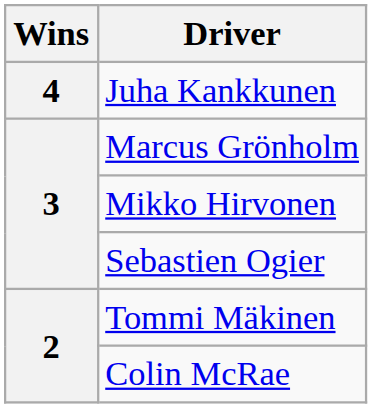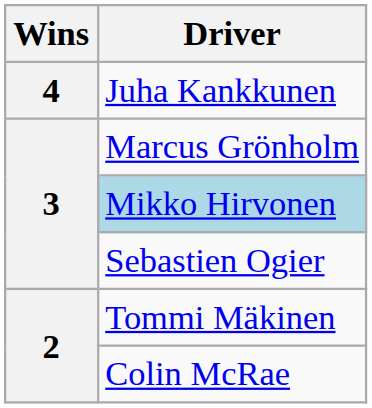 <table class="wikitable" style="font-size: 95%;">
 <tr>
 <th>Wins</th>
 <th>Driver</th>
 </tr>
 <tr>
 <th>4</th>
 <td> <a href='#'>Juha Kankkunen</a></td>
 </tr>
 <tr>
 <th rowspan="3">3</th>
 <td> <a href='#'>Marcus Grönholm</a></td>
 </tr>
 <tr>
-<td> <a href='#'>Mikko Hirvonen</a></td>
+<td style="background: lightblue;"> <a href='#'>Mikko Hirvonen</a></td>
 </tr>
 <tr>
 <td> <a href='#'>Sebastien Ogier</a></td>
 </tr>
 <tr>
 <th rowspan="2">2</th>
 <td> <a href='#'>Tommi Mäkinen</a></td>
 </tr>
 <tr>
 <td> <a href='#'>Colin McRae</a></td>
 </tr>
 </table>
